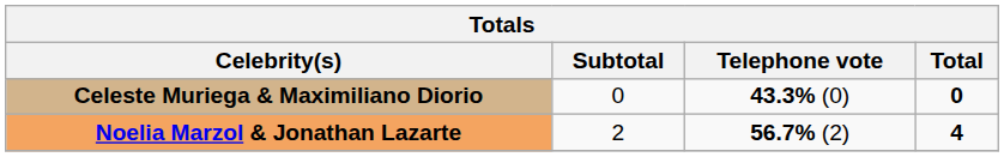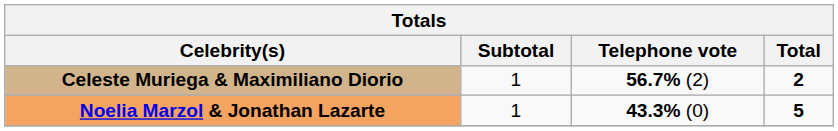 <table class="wikitable collapsible collapsed" style="font-size:90%; text-align: center; width: 100%;">
 <tr>
 <th colspan="11" style="with: 95%;" align=center>Totals</th>
 </tr>
 <tr>
 <th>Celebrity(s)</th>
 <th>Subtotal</th>
 <th>Telephone vote</th>
 <th>Total</th>
 </tr>
 <tr>
 <td bgcolor="tan"><strong>Celeste Muriega & Maximiliano Diorio</strong></td>
-<td>0</td>
-<td><strong>43.3%</strong> (0)</td>
-<td><strong>0</strong></td>
+<td>1</td>
+<td><strong>56.7%</strong> (2)</td>
+<td><strong>2</strong></td>
 </tr>
 <tr>
 <td bgcolor="sandybrown"><strong><a href='#'>Noelia Marzol</a> & Jonathan Lazarte</strong></td>
-<td>2</td>
-<td><strong>56.7%</strong> (2)</td>
-<td><strong>4</strong></td>
+<td>1</td>
+<td><strong>43.3%</strong> (0)</td>
+<td><strong>5</strong></td>
 </tr>
 <tr>
 </tr>
 </table>
